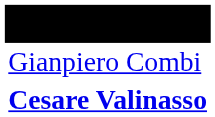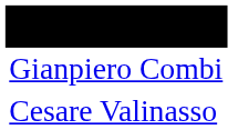 <table class="toccolours" border="0" cellpadding="2" cellspacing="0" align="left" style="margin:0.5em;">
 <tr>
 <th colspan="2" align=center bgcolor="#000000"><span>Goalkeepers</span></th>
 </tr>
 <tr>
 <td> <a href='#'>Gianpiero Combi</a></td>
 </tr>
 <tr>
-<td><strong> <a href='#'>Cesare Valinasso</a></strong></td>
+<td> <a href='#'>Cesare Valinasso</a></td>
 </tr>
 </table>
